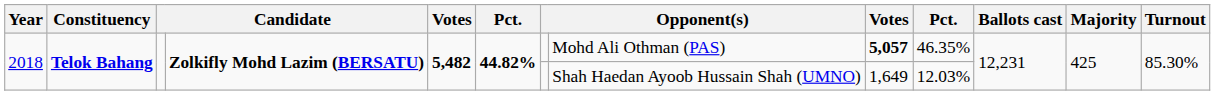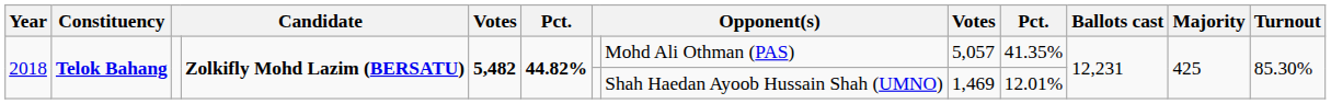 <table class="wikitable" style="margin:0.5em ; font-size:95%">
 <tr>
 <th>Year</th>
 <th>Constituency</th>
 <th colspan="2">Candidate</th>
 <th>Votes</th>
 <th>Pct.</th>
 <th colspan="2">Opponent(s)</th>
 <th>Votes</th>
 <th>Pct.</th>
 <th>Ballots cast</th>
 <th>Majority</th>
 <th>Turnout</th>
 </tr>
 <tr>
 <td rowspan="2"><a href='#'>2018</a></td>
 <td rowspan="2"><a href='#'><strong>Telok Bahang</strong></a></td>
 <td rowspan="2" ></td>
 <td rowspan="2"><strong>Zolkifly Mohd Lazim (<a href='#'>BERSATU</a>)</strong></td>
 <td rowspan="2"><strong>5,482</strong></td>
 <td rowspan="2"><strong>44.82%</strong></td>
 <td></td>
 <td>Mohd Ali Othman (<a href='#'>PAS</a>)</td>
-<td><strong>5,057</strong></td>
-<td>46.35%</td>
+<td>5,057</td>
+<td>41.35%</td>
 <td rowspan="2">12,231</td>
 <td rowspan="2">425</td>
 <td rowspan="2">85.30%</td>
 </tr>
 <tr>
 <td></td>
 <td>Shah Haedan Ayoob Hussain Shah (<a href='#'>UMNO</a>)</td>
-<td>1,649</td>
-<td>12.03%</td>
+<td>1,469</td>
+<td>12.01%</td>
 </tr>
 </table>
